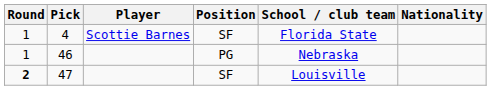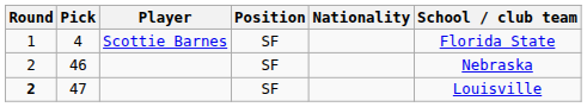 <table class="wikitable sortable sortable">
 <tr>
 <th>Round</th>
 <th>Pick</th>
 <th>Player</th>
 <th>Position</th>
+<th>Nationality</th>
 <th>School / club team</th>
-<th>Nationality</th>
 </tr>
 <tr style="text-align: center">
 <td>1</td>
 <td>4</td>
 <td><a href='#'>Scottie Barnes</a></td>
 <td>SF</td>
+<td></td>
 <td><a href='#'>Florida State</a> </td>
-<td></td>
 </tr>
 <tr style="text-align: center">
-<td>1</td>
+<td>2</td>
 <td>46</td>
 <td></td>
-<td>PG</td>
+<td>SF</td>
+<td></td>
 <td><a href='#'>Nebraska</a> </td>
-<td></td>
 </tr>
 <tr style="text-align: center">
 <td><strong>2</strong></td>
 <td>47</td>
 <td></td>
 <td>SF</td>
+<td></td>
 <td><a href='#'>Louisville</a> </td>
-<td></td>
 </tr>
 </table>
